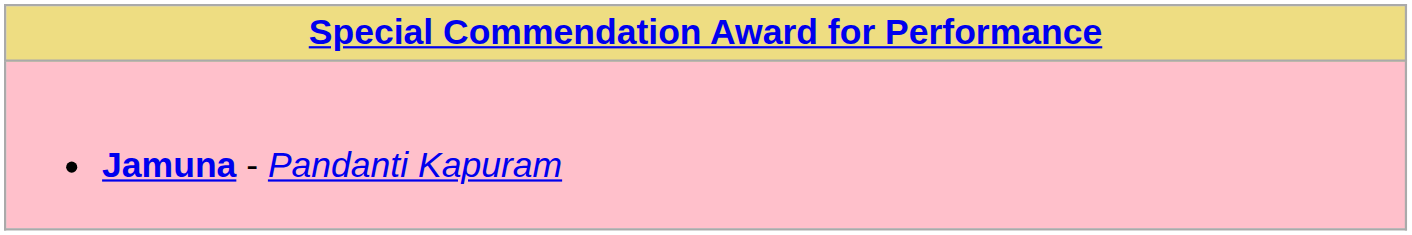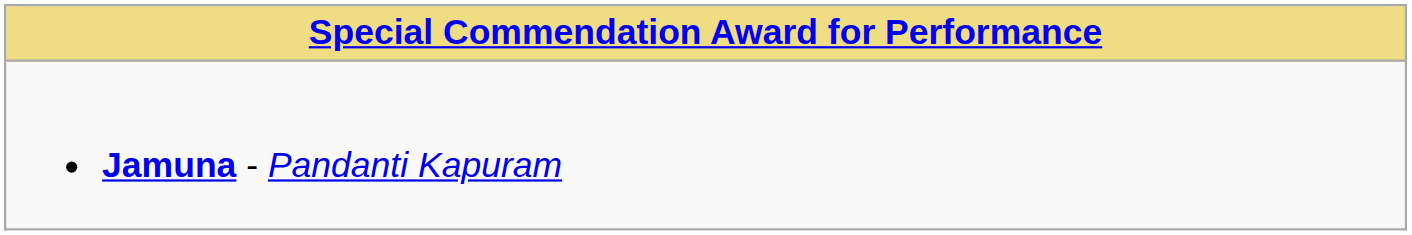 <table class="wikitable" width=50% |>
 <tr>
 <th !  style="background:#eedd82; text-align:center; width:50%;"><a href='#'>Special Commendation Award for Performance</a></th>
 </tr>
 <tr>
-<td valign="top" style="background: pink;"><br><ul><li><strong><a href='#'>Jamuna</a></strong> - <em><a href='#'>Pandanti Kapuram</a></em></li></ul></td>
+<td valign="top"><br><ul><li><strong><a href='#'>Jamuna</a></strong> - <em><a href='#'>Pandanti Kapuram</a></em></li></ul></td>
 </tr>
 </table>
